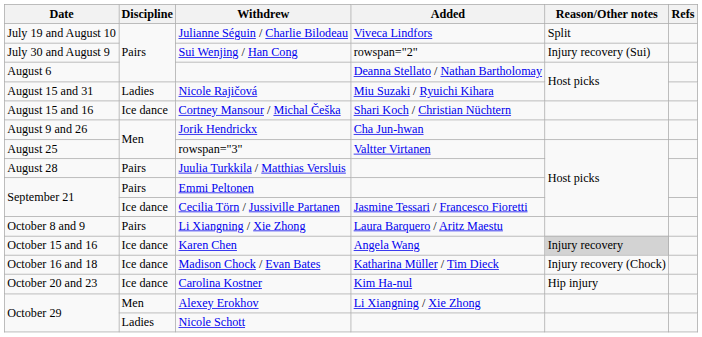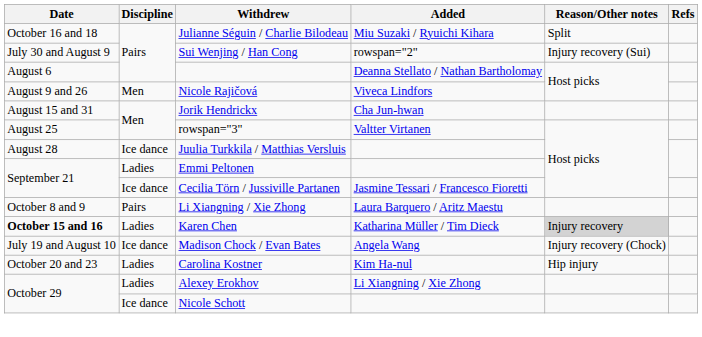 <table class="wikitable sortable">
 <tr>
 <th>Date</th>
 <th>Discipline</th>
 <th>Withdrew</th>
 <th>Added</th>
 <th>Reason/Other notes</th>
 <th>Refs</th>
 </tr>
 <tr>
-<td>July 19 and August 10</td>
+<td>October 16 and 18</td>
 <td rowspan="3">Pairs</td>
 <td> <a href='#'>Julianne Séguin</a> / <a href='#'>Charlie Bilodeau</a></td>
-<td> <a href='#'>Viveca Lindfors</a></td>
+<td> <a href='#'>Miu Suzaki</a> / <a href='#'>Ryuichi Kihara</a></td>
 <td>Split</td>
 <td></td>
 </tr>
 <tr>
 <td>July 30 and August 9</td>
 <td> <a href='#'>Sui Wenjing</a> / <a href='#'>Han Cong</a></td>
 <td>rowspan="2" </td>
 <td>Injury recovery (Sui)</td>
 <td></td>
 </tr>
 <tr>
 <td>August 6</td>
 <td></td>
 <td> <a href='#'>Deanna Stellato</a> / <a href='#'>Nathan Bartholomay</a></td>
 <td rowspan="2">Host picks</td>
 <td></td>
 </tr>
 <tr>
-<td>August 15 and 31</td>
-<td>Ladies</td>
+<td>August 9 and 26</td>
+<td>Men</td>
 <td> <a href='#'>Nicole Rajičová</a></td>
-<td> <a href='#'>Miu Suzaki</a> / <a href='#'>Ryuichi Kihara</a></td>
+<td> <a href='#'>Viveca Lindfors</a></td>
 <td></td>
 </tr>
 <tr>
-<td>August 15 and 16</td>
-<td>Ice dance</td>
-<td> <a href='#'>Cortney Mansour</a> / <a href='#'>Michal Češka</a></td>
-<td> <a href='#'>Shari Koch</a> / <a href='#'>Christian Nüchtern</a></td>
-<td></td>
-<td></td>
-</tr>
-<tr>
-<td>August 9 and 26</td>
+<td>August 15 and 31</td>
 <td rowspan="2">Men</td>
 <td> <a href='#'>Jorik Hendrickx</a></td>
 <td> <a href='#'>Cha Jun-hwan</a></td>
 <td></td>
 <td></td>
 </tr>
 <tr>
 <td>August 25</td>
 <td>rowspan="3" </td>
 <td> <a href='#'>Valtter Virtanen</a></td>
 <td rowspan="4">Host picks</td>
 <td></td>
 </tr>
 <tr>
 <td>August 28</td>
-<td>Pairs</td>
+<td>Ice dance</td>
 <td> <a href='#'>Juulia Turkkila</a> / <a href='#'>Matthias Versluis</a></td>
 <td></td>
 </tr>
 <tr>
 <td rowspan=2>September 21</td>
-<td>Pairs</td>
+<td>Ladies</td>
 <td> <a href='#'>Emmi Peltonen</a></td>
 <td></td>
 </tr>
 <tr>
 <td>Ice dance</td>
 <td> <a href='#'>Cecilia Törn</a> / <a href='#'>Jussiville Partanen</a></td>
 <td> <a href='#'>Jasmine Tessari</a> / <a href='#'>Francesco Fioretti</a></td>
 <td></td>
 </tr>
 <tr>
 <td>October 8 and 9</td>
 <td>Pairs</td>
 <td> <a href='#'>Li Xiangning</a> / <a href='#'>Xie Zhong</a></td>
 <td> <a href='#'>Laura Barquero</a> / <a href='#'>Aritz Maestu</a></td>
 <td></td>
 <td></td>
 </tr>
 <tr>
-<td>October 15 and 16</td>
-<td>Ice dance</td>
+<td><strong>October 15 and 16</strong></td>
+<td>Ladies</td>
 <td> <a href='#'>Karen Chen</a></td>
-<td> <a href='#'>Angela Wang</a></td>
+<td> <a href='#'>Katharina Müller</a> / <a href='#'>Tim Dieck</a></td>
 <td style="background: lightgrey;">Injury recovery</td>
 <td></td>
 </tr>
 <tr>
-<td>October 16 and 18</td>
+<td>July 19 and August 10</td>
 <td>Ice dance</td>
 <td> <a href='#'>Madison Chock</a> / <a href='#'>Evan Bates</a></td>
-<td> <a href='#'>Katharina Müller</a> / <a href='#'>Tim Dieck</a></td>
+<td> <a href='#'>Angela Wang</a></td>
 <td>Injury recovery (Chock)</td>
 <td></td>
 </tr>
 <tr>
 <td>October 20 and 23</td>
-<td>Ice dance</td>
+<td>Ladies</td>
 <td> <a href='#'>Carolina Kostner</a></td>
 <td> <a href='#'>Kim Ha-nul</a></td>
 <td>Hip injury</td>
 <td></td>
 </tr>
 <tr>
 <td rowspan=2>October 29</td>
-<td>Men</td>
+<td>Ladies</td>
 <td> <a href='#'>Alexey Erokhov</a></td>
 <td> <a href='#'>Li Xiangning</a> / <a href='#'>Xie Zhong</a></td>
 <td></td>
 <td></td>
 </tr>
 <tr>
-<td>Ladies</td>
+<td>Ice dance</td>
 <td> <a href='#'>Nicole Schott</a></td>
 <td></td>
 <td></td>
 </tr>
 </table>
